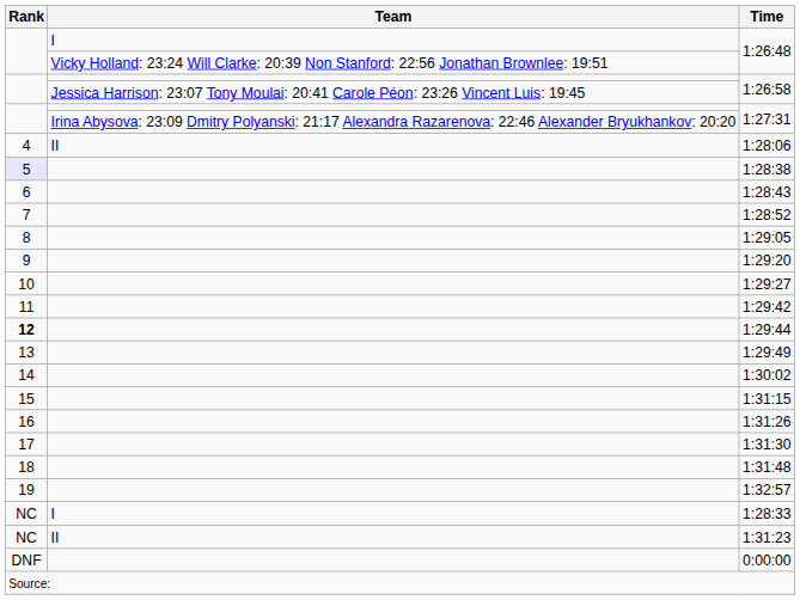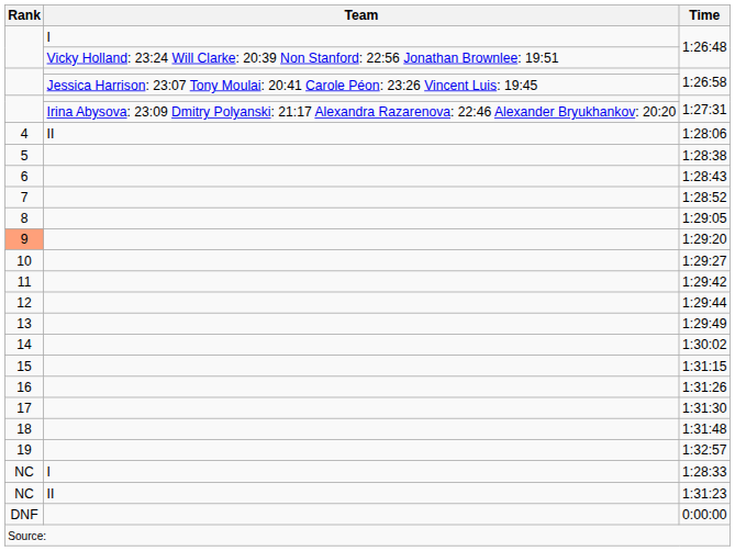 <table class="wikitable" style="font-size:95%; text-align:center;">
 <tr>
 <th>Rank</th>
 <th>Team</th>
 <th>Time</th>
 </tr>
 <tr>
 <td rowspan="2"></td>
 <td align=left> I</td>
 <td rowspan="2" align="center">1:26:48</td>
 </tr>
 <tr>
 <td align=left><a href='#'>Vicky Holland</a>: 23:24 <a href='#'>Will Clarke</a>: 20:39 <a href='#'>Non Stanford</a>: 22:56 <a href='#'>Jonathan Brownlee</a>: 19:51</td>
 </tr>
 <tr>
 <td rowspan="2"></td>
 <td align=left></td>
 <td rowspan="2" align="center">1:26:58</td>
 </tr>
 <tr>
 <td align=left><a href='#'>Jessica Harrison</a>: 23:07 <a href='#'>Tony Moulai</a>: 20:41 <a href='#'>Carole Péon</a>: 23:26 <a href='#'>Vincent Luis</a>: 19:45</td>
 </tr>
 <tr>
 <td rowspan="2"></td>
 <td align=left></td>
 <td rowspan="2" align="center">1:27:31</td>
 </tr>
 <tr>
 <td align=left><a href='#'>Irina Abysova</a>: 23:09 <a href='#'>Dmitry Polyanski</a>: 21:17 <a href='#'>Alexandra Razarenova</a>: 22:46 <a href='#'>Alexander Bryukhankov</a>: 20:20</td>
 </tr>
 <tr>
 <td>4</td>
 <td align=left> II</td>
 <td align="center">1:28:06</td>
 </tr>
 <tr>
-<td style="background: lavender;">5</td>
+<td>5</td>
 <td align=left></td>
 <td align="center">1:28:38</td>
 </tr>
 <tr>
 <td>6</td>
 <td align=left></td>
 <td align="center">1:28:43</td>
 </tr>
 <tr>
 <td>7</td>
 <td align=left></td>
 <td align="center">1:28:52</td>
 </tr>
 <tr>
 <td>8</td>
 <td align=left></td>
 <td align="center">1:29:05</td>
 </tr>
 <tr>
-<td>9</td>
+<td style="background: lightsalmon;">9</td>
 <td align=left></td>
 <td align="center">1:29:20</td>
 </tr>
 <tr>
 <td>10</td>
 <td align=left></td>
 <td align="center">1:29:27</td>
 </tr>
 <tr>
 <td>11</td>
 <td align=left></td>
 <td align="center">1:29:42</td>
 </tr>
 <tr>
-<td><strong>12</strong></td>
+<td>12</td>
 <td align=left></td>
 <td align="center">1:29:44</td>
 </tr>
 <tr>
 <td>13</td>
 <td align=left></td>
 <td align="center">1:29:49</td>
 </tr>
 <tr>
 <td>14</td>
 <td align=left></td>
 <td align="center">1:30:02</td>
 </tr>
 <tr>
 <td>15</td>
 <td align=left></td>
 <td align="center">1:31:15</td>
 </tr>
 <tr>
 <td>16</td>
 <td align=left></td>
 <td align="center">1:31:26</td>
 </tr>
 <tr>
 <td>17</td>
 <td align=left></td>
 <td align="center">1:31:30</td>
 </tr>
 <tr>
 <td>18</td>
 <td align=left></td>
 <td align="center">1:31:48</td>
 </tr>
 <tr>
 <td>19</td>
 <td align=left></td>
 <td align="center">1:32:57</td>
 </tr>
 <tr>
 <td>NC</td>
 <td align=left> I</td>
 <td align="center">1:28:33</td>
 </tr>
 <tr>
 <td>NC</td>
 <td align=left> II</td>
 <td align="center">1:31:23</td>
 </tr>
 <tr>
 <td>DNF</td>
 <td align=left></td>
 <td align="center">0:00:00</td>
 </tr>
 <tr>
 <td colspan="3" align="left"><small>Source:</small></td>
 </tr>
 </table>
